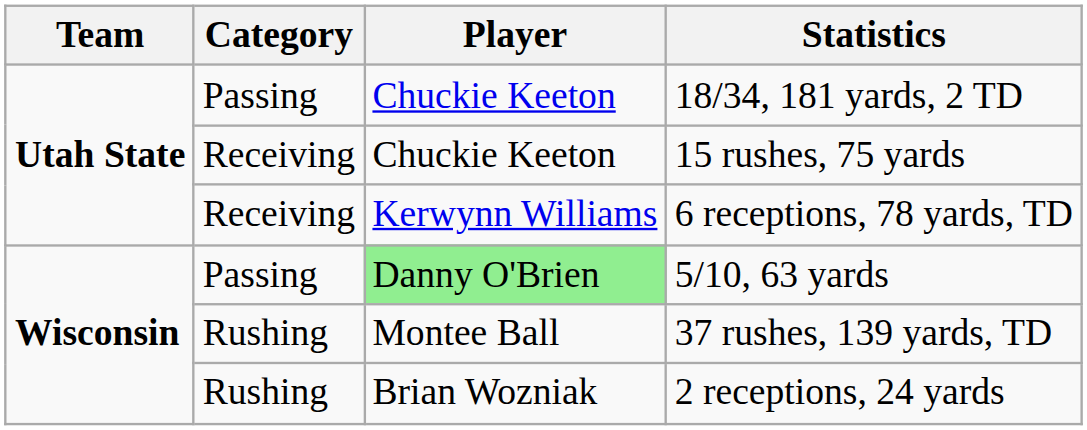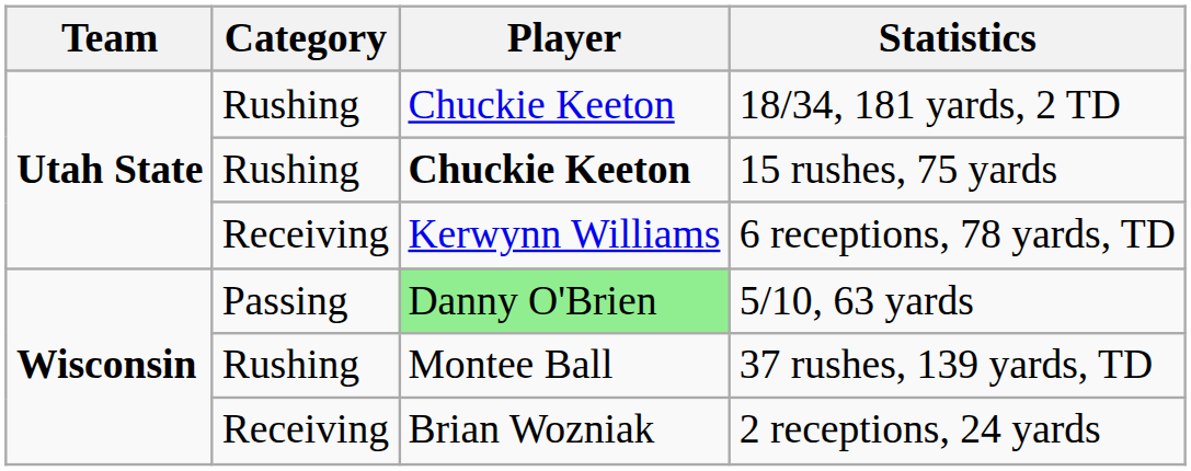 <table class="wikitable" style="float: right;">
 <tr>
 <th>Team</th>
 <th>Category</th>
 <th>Player</th>
 <th>Statistics</th>
 </tr>
 <tr>
 <td rowspan=3><strong>Utah State</strong></td>
-<td>Passing</td>
+<td>Rushing</td>
 <td><a href='#'>Chuckie Keeton</a></td>
 <td>18/34, 181 yards, 2 TD</td>
 </tr>
 <tr>
-<td>Receiving</td>
-<td>Chuckie Keeton</td>
+<td>Rushing</td>
+<td><strong>Chuckie Keeton</strong></td>
 <td>15 rushes, 75 yards</td>
 </tr>
 <tr>
 <td>Receiving</td>
 <td><a href='#'>Kerwynn Williams</a></td>
 <td>6 receptions, 78 yards, TD</td>
 </tr>
 <tr>
 <td rowspan=3><strong>Wisconsin</strong></td>
 <td>Passing</td>
 <td style="background: lightgreen;">Danny O'Brien</td>
 <td>5/10, 63 yards</td>
 </tr>
 <tr>
 <td>Rushing</td>
 <td>Montee Ball</td>
 <td>37 rushes, 139 yards, TD</td>
 </tr>
 <tr>
-<td>Rushing</td>
+<td>Receiving</td>
 <td>Brian Wozniak</td>
 <td>2 receptions, 24 yards</td>
 </tr>
 </table>
